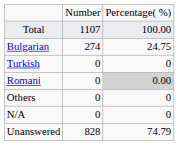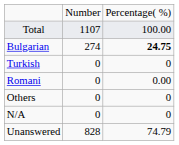 <table class="wikitable sortable" style="text-align:right;">
 <tr>
 <td></td>
 <td>Number</td>
 <td>Percentage( %)</td>
 </tr>
 <tr valign="top" bgcolor="#eaecf0">
 <td align="center">Total</td>
 <td>1107</td>
 <td>100.00</td>
 </tr>
 <tr>
 <td align="left"><a href='#'>Bulgarian</a></td>
 <td>274</td>
-<td>24.75</td>
+<td><strong>24.75</strong></td>
 </tr>
 <tr>
 <td align="left"><a href='#'>Turkish</a></td>
 <td>0</td>
 <td>0</td>
 </tr>
 <tr>
 <td align="left"><a href='#'>Romani</a></td>
 <td>0</td>
-<td style="background: lightgrey;">0.00</td>
+<td>0.00</td>
 </tr>
 <tr>
 <td align="left">Others</td>
 <td>0</td>
 <td>0</td>
 </tr>
 <tr>
 <td align="left">N/A</td>
 <td>0</td>
 <td>0</td>
 </tr>
 <tr>
 <td align="left">Unanswered</td>
 <td>828</td>
 <td>74.79</td>
 </tr>
 </table>
